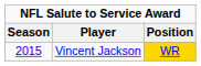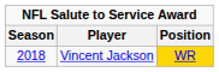 <table class="wikitable" style="text-align:center">
 <tr>
 <td colspan="3"><strong>NFL Salute to Service Award</strong></td>
 </tr>
 <tr>
 <th>Season</th>
 <th>Player</th>
 <th>Position</th>
 </tr>
 <tr>
-<td><a href='#'>2015</a></td>
+<td><a href='#'>2018</a></td>
 <td><a href='#'>Vincent Jackson</a></td>
 <td style="background: gold;"><a href='#'>WR</a></td>
 </tr>
 </table>
